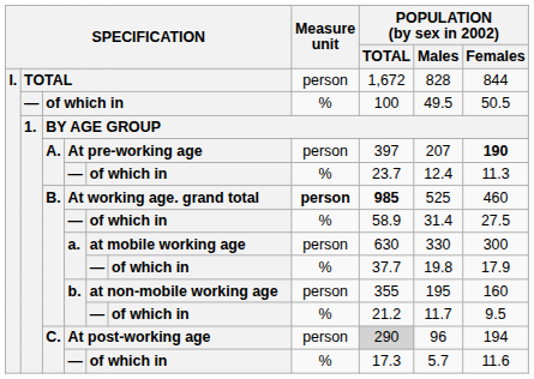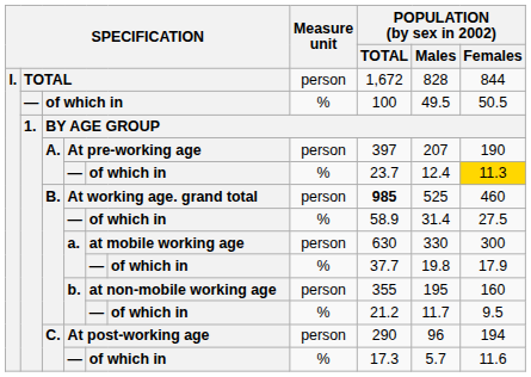 <table class="wikitable" style="font-size:85%; text-align:center">
 <tr>
 <th rowspan="2" colspan="6">SPECIFICATION</th>
 <th rowspan="2">Measure<br> unit</th>
 <th colspan="3" rowspan="1">POPULATION<br> (by sex in 2002)</th>
 </tr>
 <tr>
 <th>TOTAL</th>
 <th>Males</th>
 <th>Females</th>
 </tr>
 <tr>
 <th style="text-align:left" valign="top" rowspan="13">I.</th>
 <th style="text-align:left" colspan="5">TOTAL</th>
 <td>person</td>
 <td>1,672</td>
 <td>828</td>
 <td>844</td>
 </tr>
 <tr>
 <th style="text-align:left" valign="top">—</th>
 <th style="text-align:left" colspan="4">of which in</th>
 <td>%</td>
 <td>100</td>
 <td>49.5</td>
 <td>50.5</td>
 </tr>
 <tr>
 <th style="text-align:left" valign="top" rowspan="11">1.</th>
 <th style="text-align:left" colspan="19">BY AGE GROUP</th>
 </tr>
 <tr>
 <th style="text-align:left" valign="top" rowspan="2">A.</th>
 <th style="text-align:left" colspan="3">At pre-working age</th>
 <td>person</td>
 <td>397</td>
 <td>207</td>
-<td><strong>190</strong></td>
+<td>190</td>
 </tr>
 <tr>
 <th style="text-align:left" valign="top">—</th>
 <th style="text-align:left" valign="top" colspan="2">of which in</th>
 <td>%</td>
 <td>23.7</td>
 <td>12.4</td>
-<td>11.3</td>
+<td style="background: gold;">11.3</td>
 </tr>
 <tr>
 <th style="text-align:left" valign="top" rowspan="6">B.</th>
 <th style="text-align:left" colspan="3">At working age. grand total</th>
-<td><strong>person</strong></td>
+<td>person</td>
 <td><strong>985</strong></td>
 <td>525</td>
 <td>460</td>
 </tr>
 <tr>
 <th style="text-align:left" valign="top">—</th>
 <th style="text-align:left" valign="top" colspan="2">of which in</th>
 <td>%</td>
 <td>58.9</td>
 <td>31.4</td>
 <td>27.5</td>
 </tr>
 <tr>
 <th style="text-align:left" valign="top" rowspan="2">a.</th>
 <th style="text-align:left" colspan="2">at mobile working age</th>
 <td>person</td>
 <td>630</td>
 <td>330</td>
 <td>300</td>
 </tr>
 <tr>
 <th style="text-align:left" valign="top">—</th>
 <th style="text-align:left" valign="top" colspan="1">of which in                        </th>
 <td>%</td>
 <td>37.7</td>
 <td>19.8</td>
 <td>17.9</td>
 </tr>
 <tr>
 <th style="text-align:left" valign="top" rowspan="2">b.</th>
 <th style="text-align:left" colspan="2">at non-mobile working age</th>
 <td>person</td>
 <td>355</td>
 <td>195</td>
 <td>160</td>
 </tr>
 <tr>
 <th style="text-align:left" valign="top">—</th>
 <th style="text-align:left" valign="top" colspan="1">of which in                        </th>
 <td>%</td>
 <td>21.2</td>
 <td>11.7</td>
 <td>9.5</td>
 </tr>
 <tr>
 <th style="text-align:left" valign="top" rowspan="2">C.</th>
 <th style="text-align:left" colspan="3">At post-working age</th>
 <td>person</td>
-<td style="background: lightgrey;">290</td>
+<td>290</td>
 <td>96</td>
 <td>194</td>
 </tr>
 <tr>
 <th style="text-align:left" valign="top">—</th>
 <th style="text-align:left" valign="top" colspan="2">of which in</th>
 <td>%</td>
 <td>17.3</td>
 <td>5.7</td>
 <td>11.6</td>
 </tr>
 </table>
